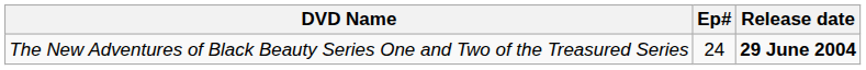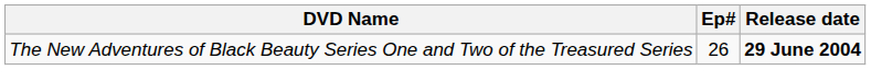 <table class="wikitable">
 <tr>
 <th>DVD Name</th>
 <th>Ep#</th>
 <th>Release date</th>
 </tr>
 <tr>
 <td><em>The New Adventures of Black Beauty Series One and Two of the Treasured Series</em></td>
-<td style="text-align:center;">24</td>
+<td style="text-align:center;">26</td>
 <td><strong>29 June 2004</strong></td>
 </tr>
 </table>
